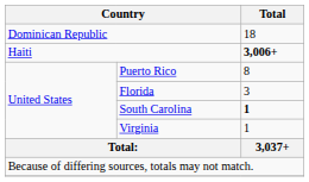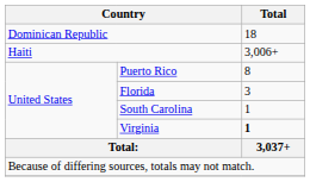 <table class="wikitable floatright" style="width: 25em">
 <tr>
 <th colspan="2">Country</th>
 <th>Total</th>
 </tr>
 <tr>
 <td colspan="2"><a href='#'>Dominican Republic</a></td>
 <td>18</td>
 </tr>
 <tr>
 <td colspan="2"><a href='#'>Haiti</a></td>
-<td><strong>3,006+</strong></td>
+<td>3,006+</td>
 </tr>
 <tr>
 <td rowspan="4"><a href='#'>United States</a></td>
 <td><a href='#'>Puerto Rico</a></td>
 <td>8</td>
 </tr>
 <tr>
 <td><a href='#'>Florida</a></td>
 <td>3</td>
 </tr>
 <tr>
 <td><a href='#'>South Carolina</a></td>
-<td><strong>1</strong></td>
+<td>1</td>
 </tr>
 <tr>
 <td><a href='#'>Virginia</a></td>
-<td>1</td>
+<td><strong>1</strong></td>
 </tr>
 <tr>
 <th colspan="2">Total:</th>
 <th>3,037+</th>
 </tr>
 <tr>
 <td colspan="3">Because of differing sources, totals may not match.</td>
 </tr>
 <tr>
 </tr>
 </table>
